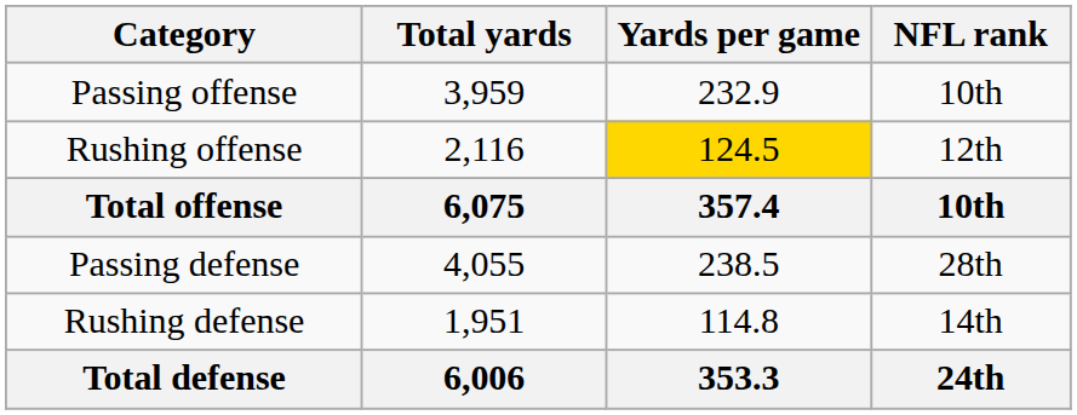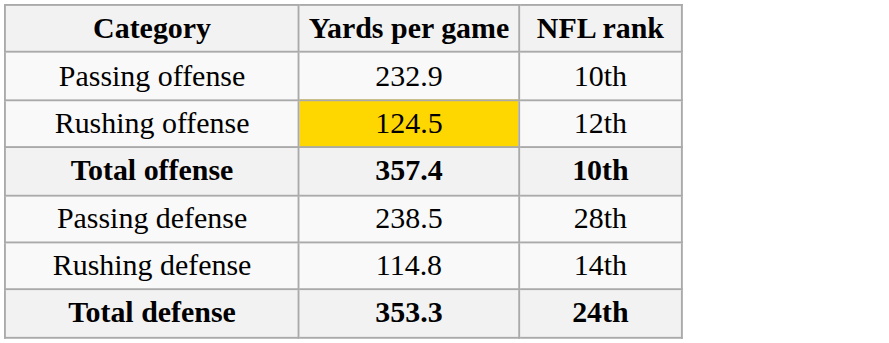 <table class="wikitable" style="text-align:center">
 <tr>
 <th width="150">Category</th>
-<th width="100">Total yards</th>
 <th width="110">Yards per game</th>
 <th width="80">NFL rank<br></th>
 </tr>
 <tr>
 <td>Passing offense</td>
-<td>3,959</td>
 <td>232.9</td>
 <td>10th</td>
 </tr>
 <tr>
 <td>Rushing offense</td>
-<td>2,116</td>
 <td style="background: gold;">124.5</td>
 <td>12th</td>
 </tr>
 <tr>
 <th>Total offense</th>
-<th>6,075</th>
 <th>357.4</th>
 <th>10th</th>
 </tr>
 <tr>
 <td>Passing defense</td>
-<td>4,055</td>
 <td>238.5</td>
 <td>28th</td>
 </tr>
 <tr>
 <td>Rushing defense</td>
-<td>1,951</td>
 <td>114.8</td>
 <td>14th</td>
 </tr>
 <tr>
 <th>Total defense</th>
-<th>6,006</th>
 <th>353.3</th>
 <th>24th</th>
 </tr>
 </table>
